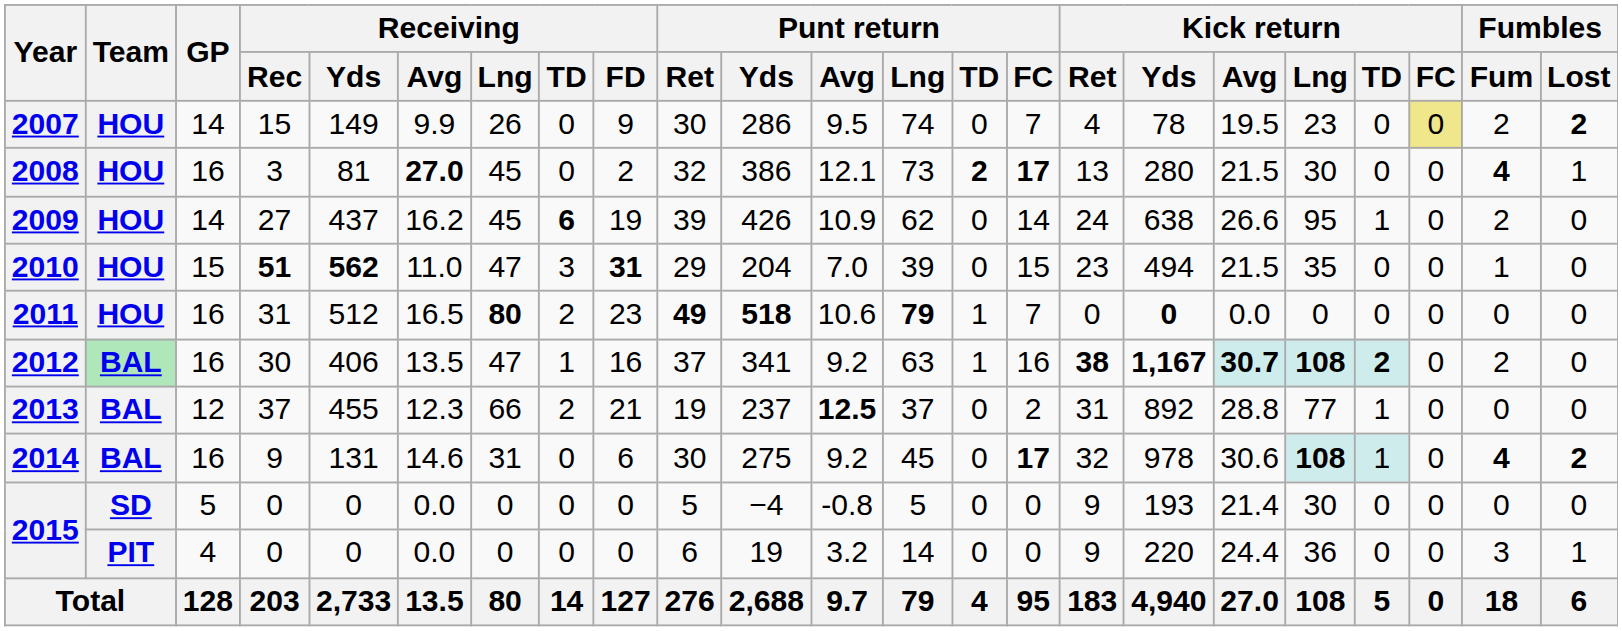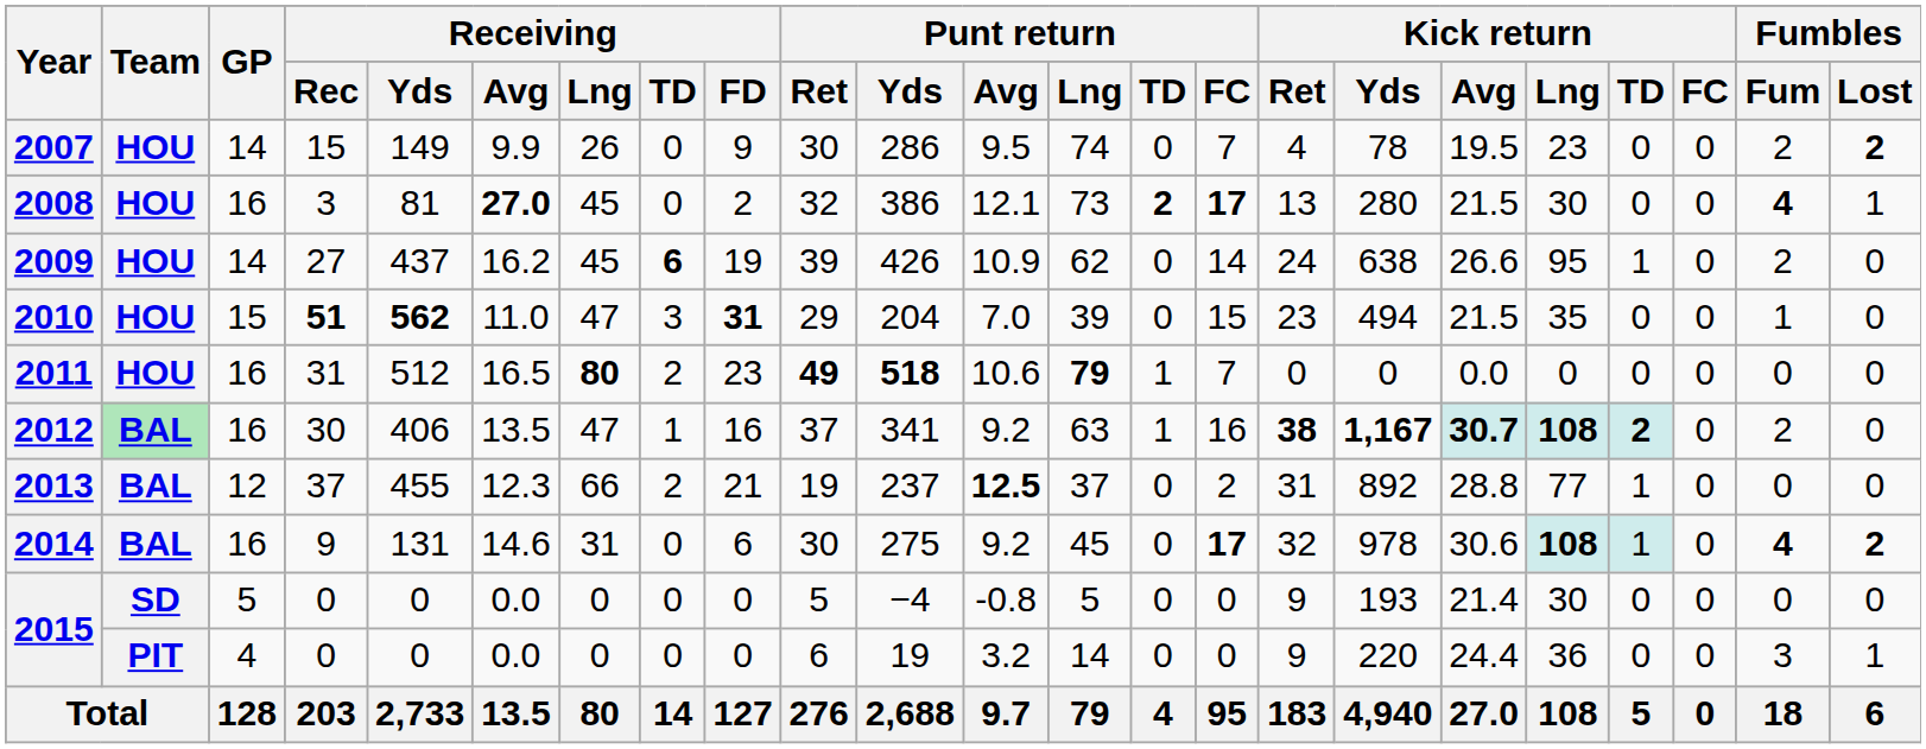 <table class="wikitable" style="text-align:center;">
 <tr>
 <th rowspan="2">Year</th>
 <th rowspan="2">Team</th>
 <th rowspan="2">GP</th>
 <th colspan="6">Receiving</th>
 <th colspan="6">Punt return</th>
 <th colspan="6">Kick return</th>
 <th colspan="2">Fumbles</th>
 </tr>
 <tr>
 <th>Rec</th>
 <th>Yds</th>
 <th>Avg</th>
 <th>Lng</th>
 <th>TD</th>
 <th>FD</th>
 <th>Ret</th>
 <th>Yds</th>
 <th>Avg</th>
 <th>Lng</th>
 <th>TD</th>
 <th>FC</th>
 <th>Ret</th>
 <th>Yds</th>
 <th>Avg</th>
 <th>Lng</th>
 <th>TD</th>
 <th>FC</th>
 <th>Fum</th>
 <th>Lost</th>
 </tr>
 <tr>
 <th><a href='#'>2007</a></th>
 <th><a href='#'>HOU</a></th>
 <td>14</td>
 <td>15</td>
 <td>149</td>
 <td>9.9</td>
 <td>26</td>
 <td>0</td>
 <td>9</td>
 <td>30</td>
 <td>286</td>
 <td>9.5</td>
 <td>74</td>
 <td>0</td>
 <td>7</td>
 <td>4</td>
 <td>78</td>
 <td>19.5</td>
 <td>23</td>
 <td>0</td>
-<td style="background: khaki;">0</td>
+<td>0</td>
 <td>2</td>
 <td><strong>2</strong></td>
 </tr>
 <tr>
 <th><a href='#'>2008</a></th>
 <th><a href='#'>HOU</a></th>
 <td>16</td>
 <td>3</td>
 <td>81</td>
 <td><strong>27.0</strong></td>
 <td>45</td>
 <td>0</td>
 <td>2</td>
 <td>32</td>
 <td>386</td>
 <td>12.1</td>
 <td>73</td>
 <td><strong>2</strong></td>
 <td><strong>17</strong></td>
 <td>13</td>
 <td>280</td>
 <td>21.5</td>
 <td>30</td>
 <td>0</td>
 <td>0</td>
 <td><strong>4</strong></td>
 <td>1</td>
 </tr>
 <tr>
 <th><a href='#'>2009</a></th>
 <th><a href='#'>HOU</a></th>
 <td>14</td>
 <td>27</td>
 <td>437</td>
 <td>16.2</td>
 <td>45</td>
 <td><strong>6</strong></td>
 <td>19</td>
 <td>39</td>
 <td>426</td>
 <td>10.9</td>
 <td>62</td>
 <td>0</td>
 <td>14</td>
 <td>24</td>
 <td>638</td>
 <td>26.6</td>
 <td>95</td>
 <td>1</td>
 <td>0</td>
 <td>2</td>
 <td>0</td>
 </tr>
 <tr>
 <th><a href='#'>2010</a></th>
 <th><a href='#'>HOU</a></th>
 <td>15</td>
 <td><strong>51</strong></td>
 <td><strong>562</strong></td>
 <td>11.0</td>
 <td>47</td>
 <td>3</td>
 <td><strong>31</strong></td>
 <td>29</td>
 <td>204</td>
 <td>7.0</td>
 <td>39</td>
 <td>0</td>
 <td>15</td>
 <td>23</td>
 <td>494</td>
 <td>21.5</td>
 <td>35</td>
 <td>0</td>
 <td>0</td>
 <td>1</td>
 <td>0</td>
 </tr>
 <tr>
 <th><a href='#'>2011</a></th>
 <th><a href='#'>HOU</a></th>
 <td>16</td>
 <td>31</td>
 <td>512</td>
 <td>16.5</td>
 <td><strong>80</strong></td>
 <td>2</td>
 <td>23</td>
 <td><strong>49</strong></td>
 <td><strong>518</strong></td>
 <td>10.6</td>
 <td><strong>79</strong></td>
 <td>1</td>
 <td>7</td>
 <td>0</td>
-<td><strong>0</strong></td>
+<td>0</td>
 <td>0.0</td>
 <td>0</td>
 <td>0</td>
 <td>0</td>
 <td>0</td>
 <td>0</td>
 </tr>
 <tr>
 <th><a href='#'>2012</a></th>
 <th style="background:#afe6ba; width:3em;"><a href='#'>BAL</a></th>
 <td>16</td>
 <td>30</td>
 <td>406</td>
 <td>13.5</td>
 <td>47</td>
 <td>1</td>
 <td>16</td>
 <td>37</td>
 <td>341</td>
 <td>9.2</td>
 <td>63</td>
 <td>1</td>
 <td>16</td>
 <td><strong>38</strong></td>
 <td><strong>1,167</strong></td>
 <td style="background:#cfecec;"><strong>30.7</strong></td>
 <td style="background:#cfecec;"><strong>108</strong></td>
 <td style="background:#cfecec;"><strong>2</strong></td>
 <td>0</td>
 <td>2</td>
 <td>0</td>
 </tr>
 <tr>
 <th><a href='#'>2013</a></th>
 <th><a href='#'>BAL</a></th>
 <td>12</td>
 <td>37</td>
 <td>455</td>
 <td>12.3</td>
 <td>66</td>
 <td>2</td>
 <td>21</td>
 <td>19</td>
 <td>237</td>
 <td><strong>12.5</strong></td>
 <td>37</td>
 <td>0</td>
 <td>2</td>
 <td>31</td>
 <td>892</td>
 <td>28.8</td>
 <td>77</td>
 <td>1</td>
 <td>0</td>
 <td>0</td>
 <td>0</td>
 </tr>
 <tr>
 <th><a href='#'>2014</a></th>
 <th><a href='#'>BAL</a></th>
 <td>16</td>
 <td>9</td>
 <td>131</td>
 <td>14.6</td>
 <td>31</td>
 <td>0</td>
 <td>6</td>
 <td>30</td>
 <td>275</td>
 <td>9.2</td>
 <td>45</td>
 <td>0</td>
 <td><strong>17</strong></td>
 <td>32</td>
 <td>978</td>
 <td>30.6</td>
 <td style="background:#cfecec;"><strong>108</strong></td>
 <td style="background:#cfecec;">1</td>
 <td>0</td>
 <td><strong>4</strong></td>
 <td><strong>2</strong></td>
 </tr>
 <tr>
 <th rowspan="2"><a href='#'>2015</a></th>
 <th><a href='#'>SD</a></th>
 <td>5</td>
 <td>0</td>
 <td>0</td>
 <td>0.0</td>
 <td>0</td>
 <td>0</td>
 <td>0</td>
 <td>5</td>
 <td>−4</td>
 <td>-0.8</td>
 <td>5</td>
 <td>0</td>
 <td>0</td>
 <td>9</td>
 <td>193</td>
 <td>21.4</td>
 <td>30</td>
 <td>0</td>
 <td>0</td>
 <td>0</td>
 <td>0</td>
 </tr>
 <tr>
 <th><a href='#'>PIT</a></th>
 <td>4</td>
 <td>0</td>
 <td>0</td>
 <td>0.0</td>
 <td>0</td>
 <td>0</td>
 <td>0</td>
 <td>6</td>
 <td>19</td>
 <td>3.2</td>
 <td>14</td>
 <td>0</td>
 <td>0</td>
 <td>9</td>
 <td>220</td>
 <td>24.4</td>
 <td>36</td>
 <td>0</td>
 <td>0</td>
 <td>3</td>
 <td>1</td>
 </tr>
 <tr>
 <th colspan="2">Total</th>
 <th>128</th>
 <th>203</th>
 <th>2,733</th>
 <th>13.5</th>
 <th>80</th>
 <th>14</th>
 <th>127</th>
 <th>276</th>
 <th>2,688</th>
 <th>9.7</th>
 <th>79</th>
 <th>4</th>
 <th>95</th>
 <th>183</th>
 <th>4,940</th>
 <th>27.0</th>
 <th>108</th>
 <th>5</th>
 <th>0</th>
 <th>18</th>
 <th>6</th>
 </tr>
 </table>
